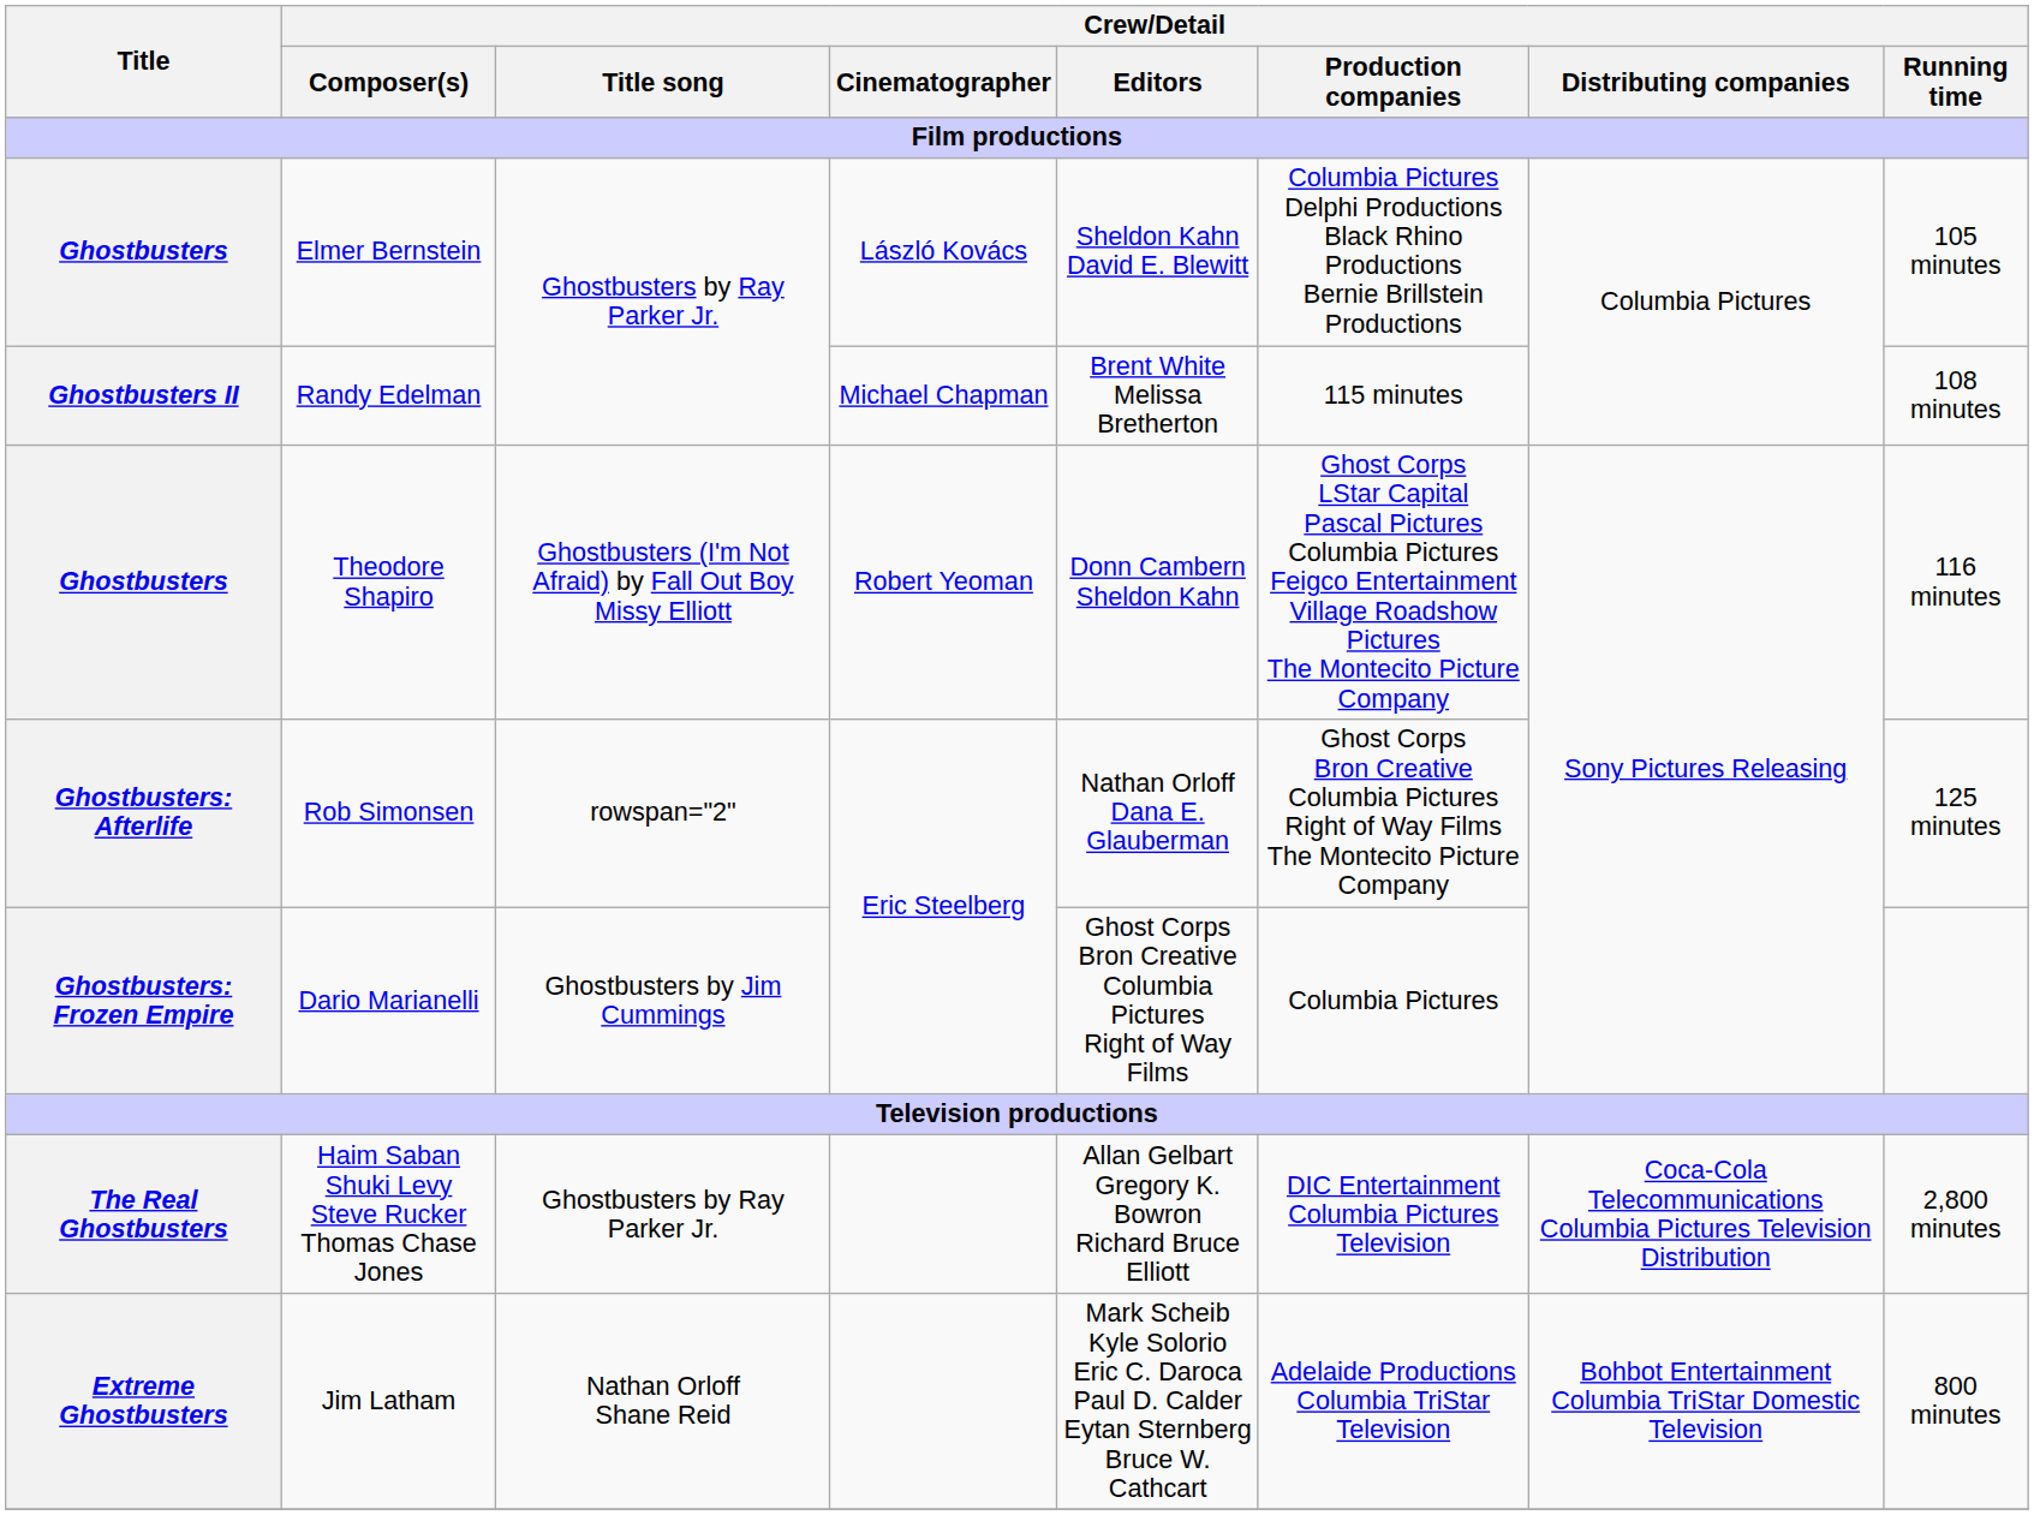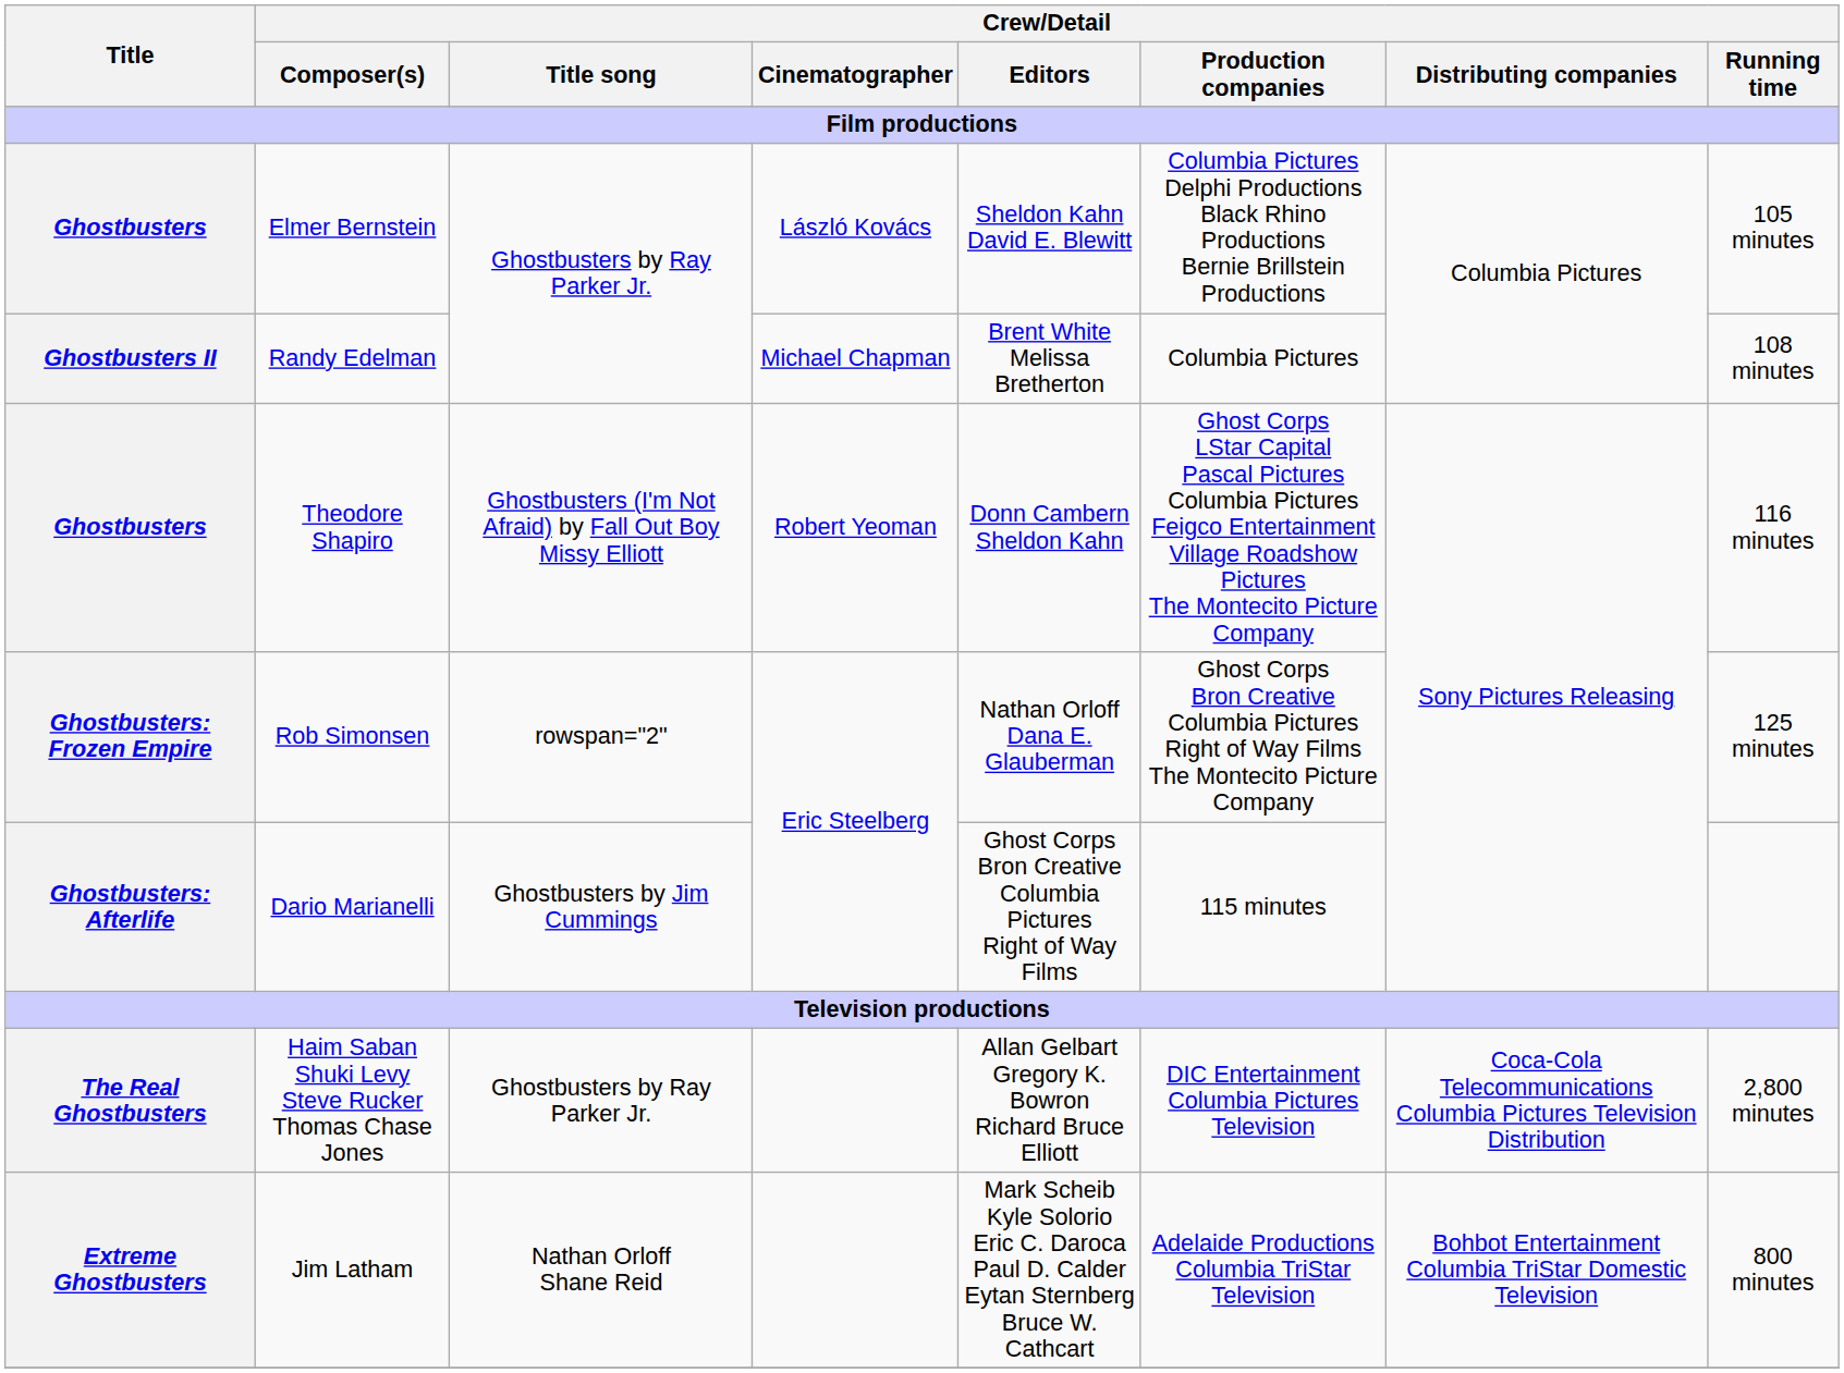 <table class="wikitable sortable" style="text-align:center;">
 <tr>
 <th rowspan="2">Title</th>
 <th colspan="8">Crew/Detail</th>
 </tr>
 <tr>
 <th>Composer(s)</th>
 <th>Title song</th>
 <th>Cinematographer</th>
 <th>Editors</th>
 <th>Production companies</th>
 <th>Distributing companies</th>
 <th>Running time</th>
 </tr>
 <tr>
 <th style="background-color:#ccccff;" colspan="10">Film productions</th>
 </tr>
 <tr>
 <th><em><a href='#'>Ghostbusters</a></em></th>
 <td><a href='#'>Elmer Bernstein</a></td>
 <td rowspan="2"><a href='#'>Ghostbusters</a> by <a href='#'>Ray Parker Jr.</a></td>
 <td><a href='#'>László Kovács</a></td>
 <td><a href='#'>Sheldon Kahn</a><br><a href='#'>David E. Blewitt</a></td>
 <td><a href='#'>Columbia Pictures</a><br>Delphi Productions<br>Black Rhino Productions<br>Bernie Brillstein Productions</td>
 <td rowspan="2">Columbia Pictures</td>
 <td>105 minutes</td>
 </tr>
 <tr>
 <th><em><a href='#'>Ghostbusters II</a></em></th>
 <td><a href='#'>Randy Edelman</a></td>
 <td><a href='#'>Michael Chapman</a></td>
 <td><a href='#'>Brent White</a><br>Melissa Bretherton</td>
-<td>115 minutes</td>
+<td>Columbia Pictures</td>
 <td>108 minutes</td>
 </tr>
 <tr>
 <th><em><a href='#'>Ghostbusters</a></em></th>
 <td><a href='#'>Theodore Shapiro</a></td>
 <td><a href='#'>Ghostbusters (I'm Not Afraid)</a> by <a href='#'>Fall Out Boy</a><br><a href='#'>Missy Elliott</a></td>
 <td><a href='#'>Robert Yeoman</a></td>
 <td><a href='#'>Donn Cambern</a><br><a href='#'>Sheldon Kahn</a></td>
 <td><a href='#'>Ghost Corps</a><br><a href='#'>LStar Capital</a><br><a href='#'>Pascal Pictures</a><br>Columbia Pictures<br><a href='#'>Feigco Entertainment</a><br><a href='#'>Village Roadshow Pictures</a><br><a href='#'>The Montecito Picture Company</a></td>
 <td rowspan="3"><a href='#'>Sony Pictures Releasing</a></td>
 <td>116 minutes</td>
 </tr>
 <tr>
-<th><em><a href='#'>Ghostbusters: Afterlife</a></em></th>
+<th><em><a href='#'>Ghostbusters: Frozen Empire</a></em></th>
 <td><a href='#'>Rob Simonsen</a></td>
 <td>rowspan="2" </td>
 <td rowspan="2"><a href='#'>Eric Steelberg</a></td>
 <td>Nathan Orloff<br><a href='#'>Dana E. Glauberman</a></td>
 <td>Ghost Corps<br><a href='#'>Bron Creative</a><br>Columbia Pictures<br>Right of Way Films<br>The Montecito Picture Company</td>
 <td>125 minutes</td>
 </tr>
 <tr>
-<th><em><a href='#'>Ghostbusters: Frozen Empire</a></em></th>
+<th><em><a href='#'>Ghostbusters: Afterlife</a></em></th>
 <td><a href='#'>Dario Marianelli</a></td>
 <td>Ghostbusters by <a href='#'>Jim Cummings</a></td>
 <td>Ghost Corps<br>Bron Creative<br>Columbia Pictures<br>Right of Way Films</td>
-<td>Columbia Pictures</td>
+<td>115 minutes</td>
 </tr>
 <tr>
 <th style="background-color:#ccccff;" colspan="9">Television productions</th>
 </tr>
 <tr>
 <th><em><a href='#'>The Real Ghostbusters</a></em></th>
 <td><a href='#'>Haim Saban</a><br><a href='#'>Shuki Levy</a><br><a href='#'>Steve Rucker</a><br>Thomas Chase Jones</td>
 <td>Ghostbusters by Ray Parker Jr.</td>
 <td></td>
 <td>Allan Gelbart<br>Gregory K. Bowron<br>Richard Bruce Elliott</td>
 <td><a href='#'>DIC Entertainment</a><br><a href='#'>Columbia Pictures Television</a></td>
 <td><a href='#'>Coca-Cola Telecommunications</a><br><a href='#'>Columbia Pictures Television Distribution</a></td>
 <td>2,800 minutes <br></td>
 </tr>
 <tr>
 <th><em><a href='#'>Extreme Ghostbusters</a></em></th>
 <td>Jim Latham</td>
 <td>Nathan Orloff<br>Shane Reid</td>
 <td></td>
 <td>Mark Scheib<br>Kyle Solorio<br>Eric C. Daroca<br>Paul D. Calder<br>Eytan Sternberg<br>Bruce W. Cathcart</td>
 <td><a href='#'>Adelaide Productions</a><br><a href='#'>Columbia TriStar Television</a></td>
 <td><a href='#'>Bohbot Entertainment</a><br><a href='#'>Columbia TriStar Domestic Television</a></td>
 <td>800 minutes <br></td>
 </tr>
 <tr>
 </tr>
 </table>
